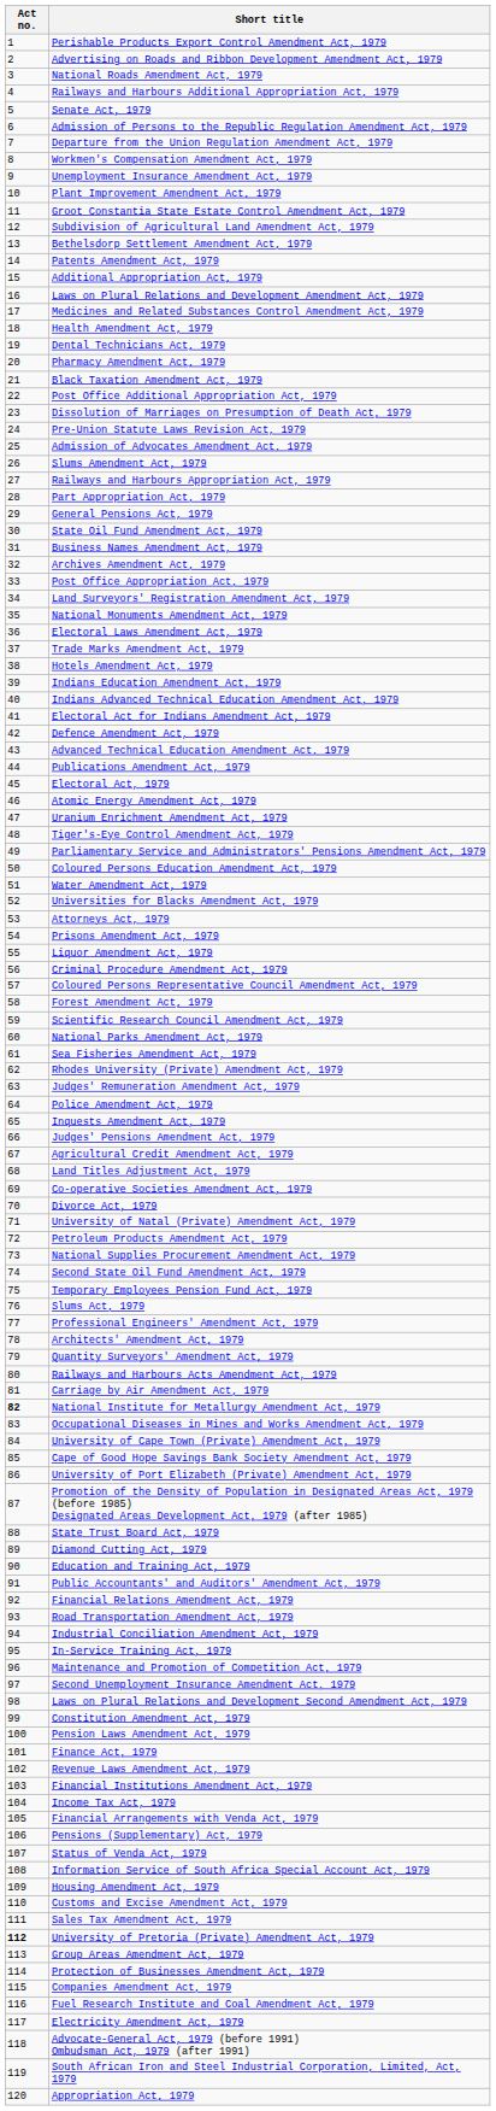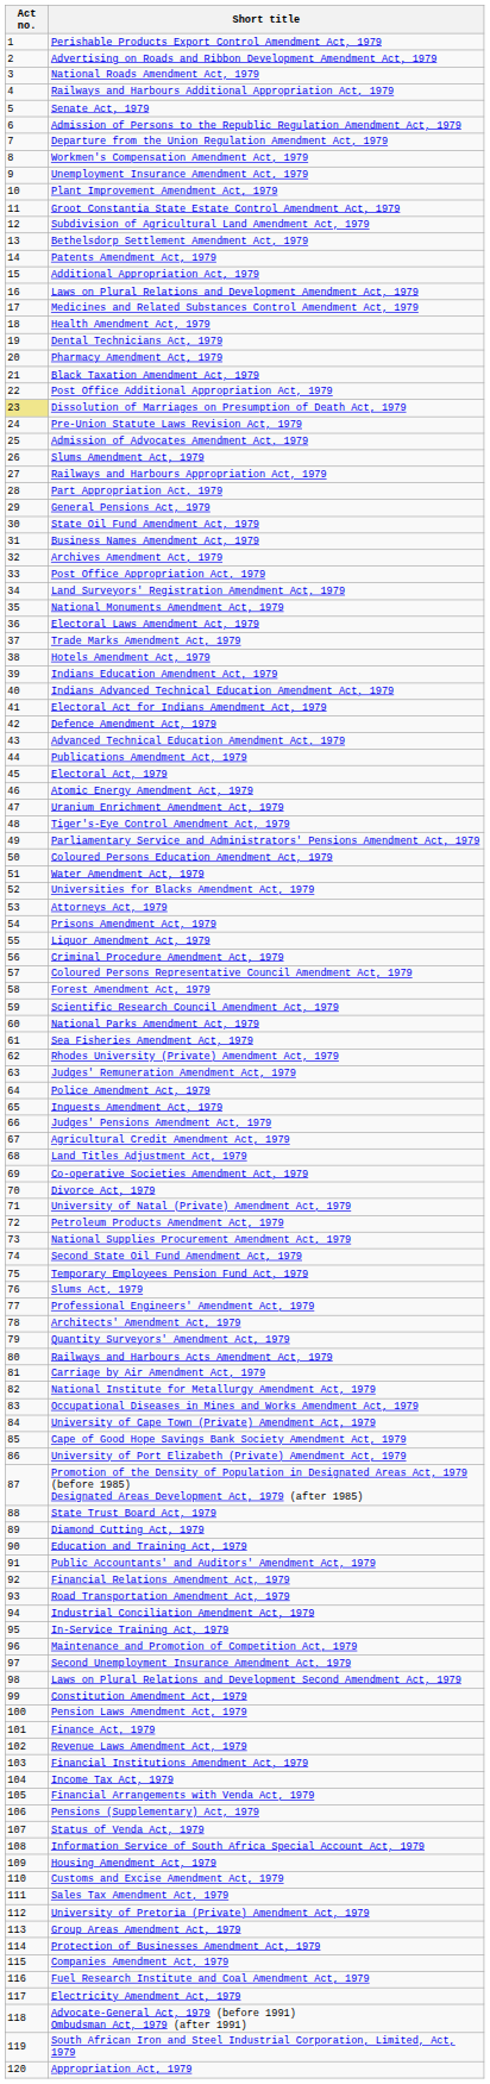 <table class="wikitable sortable">
 <tr>
 <th>Act no.</th>
 <th>Short title</th>
 </tr>
 <tr>
 <td>1</td>
 <td><a href='#'>Perishable Products Export Control Amendment Act, 1979</a></td>
 </tr>
 <tr>
 <td>2</td>
 <td><a href='#'>Advertising on Roads and Ribbon Development Amendment Act, 1979</a></td>
 </tr>
 <tr>
 <td>3</td>
 <td><a href='#'>National Roads Amendment Act, 1979</a></td>
 </tr>
 <tr>
 <td>4</td>
 <td><a href='#'>Railways and Harbours Additional Appropriation Act, 1979</a></td>
 </tr>
 <tr>
 <td>5</td>
 <td><a href='#'>Senate Act, 1979</a></td>
 </tr>
 <tr>
 <td>6</td>
 <td><a href='#'>Admission of Persons to the Republic Regulation Amendment Act, 1979</a></td>
 </tr>
 <tr>
 <td>7</td>
 <td><a href='#'>Departure from the Union Regulation Amendment Act, 1979</a></td>
 </tr>
 <tr>
 <td>8</td>
 <td><a href='#'>Workmen's Compensation Amendment Act, 1979</a></td>
 </tr>
 <tr>
 <td>9</td>
 <td><a href='#'>Unemployment Insurance Amendment Act, 1979</a></td>
 </tr>
 <tr>
 <td>10</td>
 <td><a href='#'>Plant Improvement Amendment Act, 1979</a></td>
 </tr>
 <tr>
 <td>11</td>
 <td><a href='#'>Groot Constantia State Estate Control Amendment Act, 1979</a></td>
 </tr>
 <tr>
 <td>12</td>
 <td><a href='#'>Subdivision of Agricultural Land Amendment Act, 1979</a></td>
 </tr>
 <tr>
 <td>13</td>
 <td><a href='#'>Bethelsdorp Settlement Amendment Act, 1979</a></td>
 </tr>
 <tr>
 <td>14</td>
 <td><a href='#'>Patents Amendment Act, 1979</a></td>
 </tr>
 <tr>
 <td>15</td>
 <td><a href='#'>Additional Appropriation Act, 1979</a></td>
 </tr>
 <tr>
 <td>16</td>
 <td><a href='#'>Laws on Plural Relations and Development Amendment Act, 1979</a></td>
 </tr>
 <tr>
 <td>17</td>
 <td><a href='#'>Medicines and Related Substances Control Amendment Act, 1979</a></td>
 </tr>
 <tr>
 <td>18</td>
 <td><a href='#'>Health Amendment Act, 1979</a></td>
 </tr>
 <tr>
 <td>19</td>
 <td><a href='#'>Dental Technicians Act, 1979</a></td>
 </tr>
 <tr>
 <td>20</td>
 <td><a href='#'>Pharmacy Amendment Act, 1979</a></td>
 </tr>
 <tr>
 <td>21</td>
 <td><a href='#'>Black Taxation Amendment Act, 1979</a></td>
 </tr>
 <tr>
 <td>22</td>
 <td><a href='#'>Post Office Additional Appropriation Act, 1979</a></td>
 </tr>
 <tr>
-<td>23</td>
+<td style="background: khaki;">23</td>
 <td><a href='#'>Dissolution of Marriages on Presumption of Death Act, 1979</a></td>
 </tr>
 <tr>
 <td>24</td>
 <td><a href='#'>Pre-Union Statute Laws Revision Act, 1979</a></td>
 </tr>
 <tr>
 <td>25</td>
 <td><a href='#'>Admission of Advocates Amendment Act, 1979</a></td>
 </tr>
 <tr>
 <td>26</td>
 <td><a href='#'>Slums Amendment Act, 1979</a></td>
 </tr>
 <tr>
 <td>27</td>
 <td><a href='#'>Railways and Harbours Appropriation Act, 1979</a></td>
 </tr>
 <tr>
 <td>28</td>
 <td><a href='#'>Part Appropriation Act, 1979</a></td>
 </tr>
 <tr>
 <td>29</td>
 <td><a href='#'>General Pensions Act, 1979</a></td>
 </tr>
 <tr>
 <td>30</td>
 <td><a href='#'>State Oil Fund Amendment Act, 1979</a></td>
 </tr>
 <tr>
 <td>31</td>
 <td><a href='#'>Business Names Amendment Act, 1979</a></td>
 </tr>
 <tr>
 <td>32</td>
 <td><a href='#'>Archives Amendment Act, 1979</a></td>
 </tr>
 <tr>
 <td>33</td>
 <td><a href='#'>Post Office Appropriation Act, 1979</a></td>
 </tr>
 <tr>
 <td>34</td>
 <td><a href='#'>Land Surveyors' Registration Amendment Act, 1979</a></td>
 </tr>
 <tr>
 <td>35</td>
 <td><a href='#'>National Monuments Amendment Act, 1979</a></td>
 </tr>
 <tr>
 <td>36</td>
 <td><a href='#'>Electoral Laws Amendment Act, 1979</a></td>
 </tr>
 <tr>
 <td>37</td>
 <td><a href='#'>Trade Marks Amendment Act, 1979</a></td>
 </tr>
 <tr>
 <td>38</td>
 <td><a href='#'>Hotels Amendment Act, 1979</a></td>
 </tr>
 <tr>
 <td>39</td>
 <td><a href='#'>Indians Education Amendment Act, 1979</a></td>
 </tr>
 <tr>
 <td>40</td>
 <td><a href='#'>Indians Advanced Technical Education Amendment Act, 1979</a></td>
 </tr>
 <tr>
 <td>41</td>
 <td><a href='#'>Electoral Act for Indians Amendment Act, 1979</a></td>
 </tr>
 <tr>
 <td>42</td>
 <td><a href='#'>Defence Amendment Act, 1979</a></td>
 </tr>
 <tr>
 <td>43</td>
 <td><a href='#'>Advanced Technical Education Amendment Act, 1979</a></td>
 </tr>
 <tr>
 <td>44</td>
 <td><a href='#'>Publications Amendment Act, 1979</a></td>
 </tr>
 <tr>
 <td>45</td>
 <td><a href='#'>Electoral Act, 1979</a></td>
 </tr>
 <tr>
 <td>46</td>
 <td><a href='#'>Atomic Energy Amendment Act, 1979</a></td>
 </tr>
 <tr>
 <td>47</td>
 <td><a href='#'>Uranium Enrichment Amendment Act, 1979</a></td>
 </tr>
 <tr>
 <td>48</td>
 <td><a href='#'>Tiger's-Eye Control Amendment Act, 1979</a></td>
 </tr>
 <tr>
 <td>49</td>
 <td><a href='#'>Parliamentary Service and Administrators' Pensions Amendment Act, 1979</a></td>
 </tr>
 <tr>
 <td>50</td>
 <td><a href='#'>Coloured Persons Education Amendment Act, 1979</a></td>
 </tr>
 <tr>
 <td>51</td>
 <td><a href='#'>Water Amendment Act, 1979</a></td>
 </tr>
 <tr>
 <td>52</td>
 <td><a href='#'>Universities for Blacks Amendment Act, 1979</a></td>
 </tr>
 <tr>
 <td>53</td>
 <td><a href='#'>Attorneys Act, 1979</a></td>
 </tr>
 <tr>
 <td>54</td>
 <td><a href='#'>Prisons Amendment Act, 1979</a></td>
 </tr>
 <tr>
 <td>55</td>
 <td><a href='#'>Liquor Amendment Act, 1979</a></td>
 </tr>
 <tr>
 <td>56</td>
 <td><a href='#'>Criminal Procedure Amendment Act, 1979</a></td>
 </tr>
 <tr>
 <td>57</td>
 <td><a href='#'>Coloured Persons Representative Council Amendment Act, 1979</a></td>
 </tr>
 <tr>
 <td>58</td>
 <td><a href='#'>Forest Amendment Act, 1979</a></td>
 </tr>
 <tr>
 <td>59</td>
 <td><a href='#'>Scientific Research Council Amendment Act, 1979</a></td>
 </tr>
 <tr>
 <td>60</td>
 <td><a href='#'>National Parks Amendment Act, 1979</a></td>
 </tr>
 <tr>
 <td>61</td>
 <td><a href='#'>Sea Fisheries Amendment Act, 1979</a></td>
 </tr>
 <tr>
 <td>62</td>
 <td><a href='#'>Rhodes University (Private) Amendment Act, 1979</a></td>
 </tr>
 <tr>
 <td>63</td>
 <td><a href='#'>Judges' Remuneration Amendment Act, 1979</a></td>
 </tr>
 <tr>
 <td>64</td>
 <td><a href='#'>Police Amendment Act, 1979</a></td>
 </tr>
 <tr>
 <td>65</td>
 <td><a href='#'>Inquests Amendment Act, 1979</a></td>
 </tr>
 <tr>
 <td>66</td>
 <td><a href='#'>Judges' Pensions Amendment Act, 1979</a></td>
 </tr>
 <tr>
 <td>67</td>
 <td><a href='#'>Agricultural Credit Amendment Act, 1979</a></td>
 </tr>
 <tr>
 <td>68</td>
 <td><a href='#'>Land Titles Adjustment Act, 1979</a></td>
 </tr>
 <tr>
 <td>69</td>
 <td><a href='#'>Co-operative Societies Amendment Act, 1979</a></td>
 </tr>
 <tr>
 <td>70</td>
 <td><a href='#'>Divorce Act, 1979</a></td>
 </tr>
 <tr>
 <td>71</td>
 <td><a href='#'>University of Natal (Private) Amendment Act, 1979</a></td>
 </tr>
 <tr>
 <td>72</td>
 <td><a href='#'>Petroleum Products Amendment Act, 1979</a></td>
 </tr>
 <tr>
 <td>73</td>
 <td><a href='#'>National Supplies Procurement Amendment Act, 1979</a></td>
 </tr>
 <tr>
 <td>74</td>
 <td><a href='#'>Second State Oil Fund Amendment Act, 1979</a></td>
 </tr>
 <tr>
 <td>75</td>
 <td><a href='#'>Temporary Employees Pension Fund Act, 1979</a></td>
 </tr>
 <tr>
 <td>76</td>
 <td><a href='#'>Slums Act, 1979</a></td>
 </tr>
 <tr>
 <td>77</td>
 <td><a href='#'>Professional Engineers' Amendment Act, 1979</a></td>
 </tr>
 <tr>
 <td>78</td>
 <td><a href='#'>Architects' Amendment Act, 1979</a></td>
 </tr>
 <tr>
 <td>79</td>
 <td><a href='#'>Quantity Surveyors' Amendment Act, 1979</a></td>
 </tr>
 <tr>
 <td>80</td>
 <td><a href='#'>Railways and Harbours Acts Amendment Act, 1979</a></td>
 </tr>
 <tr>
 <td>81</td>
 <td><a href='#'>Carriage by Air Amendment Act, 1979</a></td>
 </tr>
 <tr>
-<td><strong>82</strong></td>
+<td>82</td>
 <td><a href='#'>National Institute for Metallurgy Amendment Act, 1979</a></td>
 </tr>
 <tr>
 <td>83</td>
 <td><a href='#'>Occupational Diseases in Mines and Works Amendment Act, 1979</a></td>
 </tr>
 <tr>
 <td>84</td>
 <td><a href='#'>University of Cape Town (Private) Amendment Act, 1979</a></td>
 </tr>
 <tr>
 <td>85</td>
 <td><a href='#'>Cape of Good Hope Savings Bank Society Amendment Act, 1979</a></td>
 </tr>
 <tr>
 <td>86</td>
 <td><a href='#'>University of Port Elizabeth (Private) Amendment Act, 1979</a></td>
 </tr>
 <tr>
 <td>87</td>
 <td><a href='#'>Promotion of the Density of Population in Designated Areas Act, 1979</a> (before 1985) <br><a href='#'>Designated Areas Development Act, 1979</a> (after 1985)</td>
 </tr>
 <tr>
 <td>88</td>
 <td><a href='#'>State Trust Board Act, 1979</a></td>
 </tr>
 <tr>
 <td>89</td>
 <td><a href='#'>Diamond Cutting Act, 1979</a></td>
 </tr>
 <tr>
 <td>90</td>
 <td><a href='#'>Education and Training Act, 1979</a></td>
 </tr>
 <tr>
 <td>91</td>
 <td><a href='#'>Public Accountants' and Auditors' Amendment Act, 1979</a></td>
 </tr>
 <tr>
 <td>92</td>
 <td><a href='#'>Financial Relations Amendment Act, 1979</a></td>
 </tr>
 <tr>
 <td>93</td>
 <td><a href='#'>Road Transportation Amendment Act, 1979</a></td>
 </tr>
 <tr>
 <td>94</td>
 <td><a href='#'>Industrial Conciliation Amendment Act, 1979</a></td>
 </tr>
 <tr>
 <td>95</td>
 <td><a href='#'>In-Service Training Act, 1979</a></td>
 </tr>
 <tr>
 <td>96</td>
 <td><a href='#'>Maintenance and Promotion of Competition Act, 1979</a></td>
 </tr>
 <tr>
 <td>97</td>
 <td><a href='#'>Second Unemployment Insurance Amendment Act, 1979</a></td>
 </tr>
 <tr>
 <td>98</td>
 <td><a href='#'>Laws on Plural Relations and Development Second Amendment Act, 1979</a></td>
 </tr>
 <tr>
 <td>99</td>
 <td><a href='#'>Constitution Amendment Act, 1979</a></td>
 </tr>
 <tr>
 <td>100</td>
 <td><a href='#'>Pension Laws Amendment Act, 1979</a></td>
 </tr>
 <tr>
 <td>101</td>
 <td><a href='#'>Finance Act, 1979</a></td>
 </tr>
 <tr>
 <td>102</td>
 <td><a href='#'>Revenue Laws Amendment Act, 1979</a></td>
 </tr>
 <tr>
 <td>103</td>
 <td><a href='#'>Financial Institutions Amendment Act, 1979</a></td>
 </tr>
 <tr>
 <td>104</td>
 <td><a href='#'>Income Tax Act, 1979</a></td>
 </tr>
 <tr>
 <td>105</td>
 <td><a href='#'>Financial Arrangements with Venda Act, 1979</a></td>
 </tr>
 <tr>
 <td>106</td>
 <td><a href='#'>Pensions (Supplementary) Act, 1979</a></td>
 </tr>
 <tr>
 <td>107</td>
 <td><a href='#'>Status of Venda Act, 1979</a></td>
 </tr>
 <tr>
 <td>108</td>
 <td><a href='#'>Information Service of South Africa Special Account Act, 1979</a></td>
 </tr>
 <tr>
 <td>109</td>
 <td><a href='#'>Housing Amendment Act, 1979</a></td>
 </tr>
 <tr>
 <td>110</td>
 <td><a href='#'>Customs and Excise Amendment Act, 1979</a></td>
 </tr>
 <tr>
 <td>111</td>
 <td><a href='#'>Sales Tax Amendment Act, 1979</a></td>
 </tr>
 <tr>
-<td><strong>112</strong></td>
+<td>112</td>
 <td><a href='#'>University of Pretoria (Private) Amendment Act, 1979</a></td>
 </tr>
 <tr>
 <td>113</td>
 <td><a href='#'>Group Areas Amendment Act, 1979</a></td>
 </tr>
 <tr>
 <td>114</td>
 <td><a href='#'>Protection of Businesses Amendment Act, 1979</a></td>
 </tr>
 <tr>
 <td>115</td>
 <td><a href='#'>Companies Amendment Act, 1979</a></td>
 </tr>
 <tr>
 <td>116</td>
 <td><a href='#'>Fuel Research Institute and Coal Amendment Act, 1979</a></td>
 </tr>
 <tr>
 <td>117</td>
 <td><a href='#'>Electricity Amendment Act, 1979</a></td>
 </tr>
 <tr>
 <td>118</td>
 <td><a href='#'>Advocate-General Act, 1979</a> (before 1991) <br><a href='#'>Ombudsman Act, 1979</a> (after 1991)</td>
 </tr>
 <tr>
 <td>119</td>
 <td><a href='#'>South African Iron and Steel Industrial Corporation, Limited, Act, 1979</a></td>
 </tr>
 <tr>
 <td>120</td>
 <td><a href='#'>Appropriation Act, 1979</a></td>
 </tr>
 </table>
